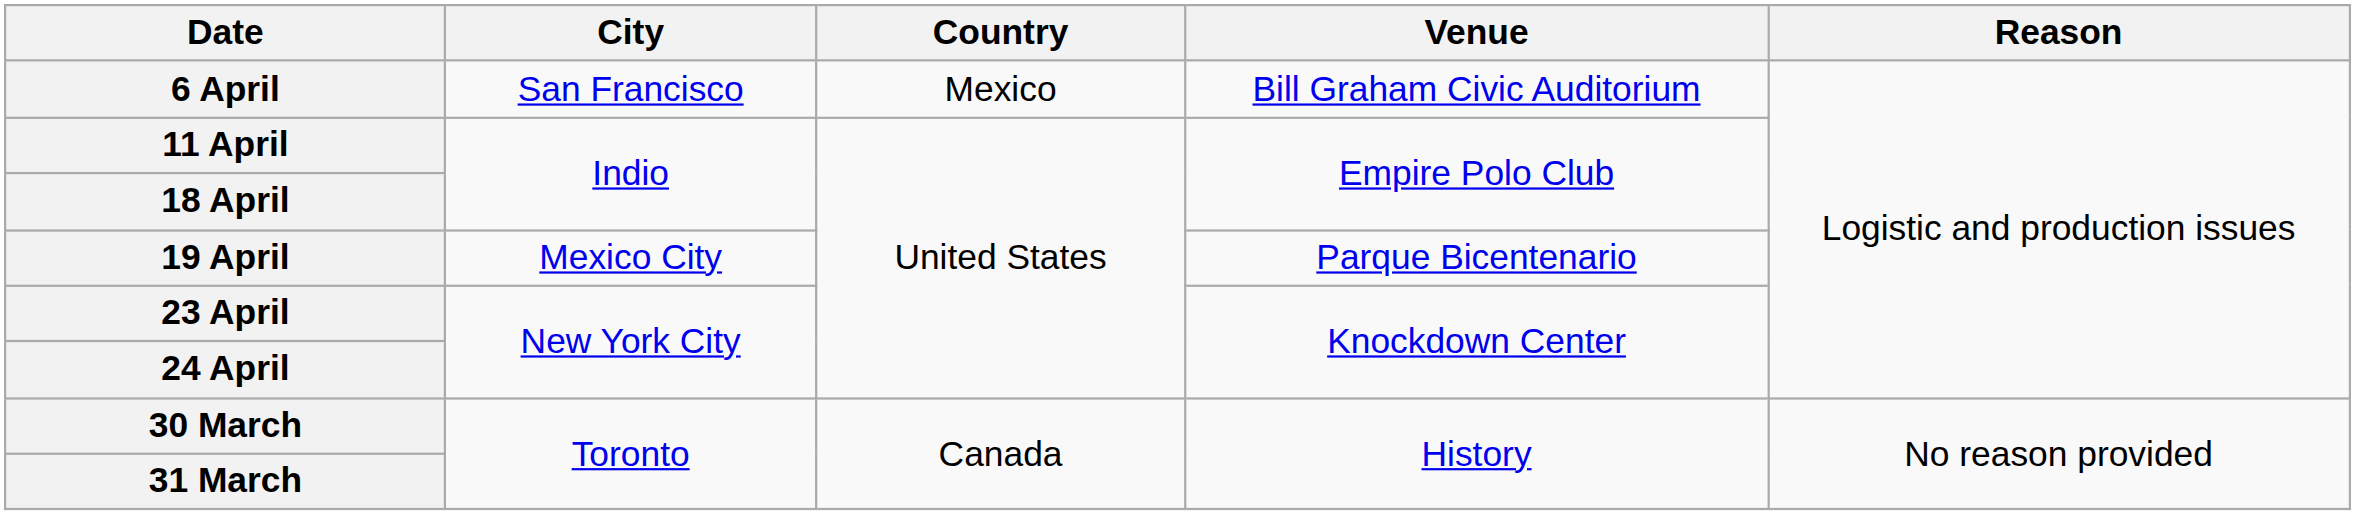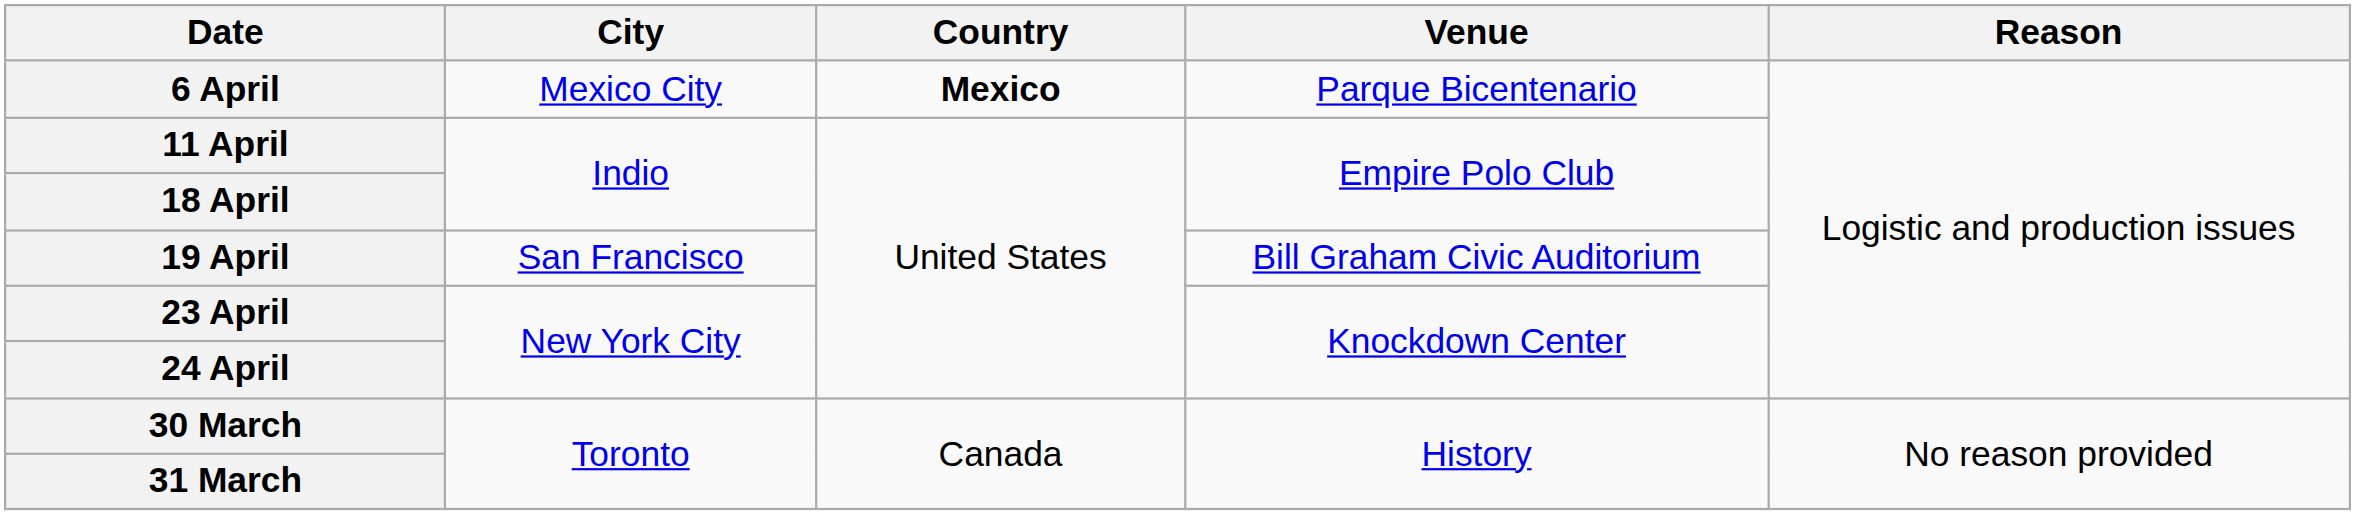 <table class="wikitable plainrowheaders" style="text-align:center;">
 <tr>
 <th scope="col" style="width:12em;">Date</th>
 <th scope="col" style="width:10em;">City</th>
 <th scope="col" style="width:10em;">Country</th>
 <th scope="col" style="width:16em;">Venue</th>
 <th scope="col" style="width:16em;">Reason</th>
 </tr>
 <tr>
 <th scope="row" style="text-align:center;">6 April</th>
-<td><a href='#'>San Francisco</a></td>
-<td>Mexico</td>
-<td><a href='#'>Bill Graham Civic Auditorium</a></td>
+<td><a href='#'>Mexico City</a></td>
+<td><strong>Mexico</strong></td>
+<td><a href='#'>Parque Bicentenario</a></td>
 <td rowspan="6">Logistic and production issues</td>
 </tr>
 <tr>
 <th scope="row" style="text-align:center;">11 April</th>
 <td rowspan="2"><a href='#'> Indio</a></td>
 <td rowspan="5">United States</td>
 <td rowspan="2"><a href='#'>Empire Polo Club</a></td>
 </tr>
 <tr>
 <th scope="row" style="text-align:center;">18 April</th>
 </tr>
 <tr>
 <th>19 April</th>
-<td><a href='#'>Mexico City</a></td>
-<td><a href='#'>Parque Bicentenario</a></td>
+<td><a href='#'>San Francisco</a></td>
+<td><a href='#'>Bill Graham Civic Auditorium</a></td>
 </tr>
 <tr>
 <th>23 April</th>
 <td rowspan="2"><a href='#'>New York City</a></td>
 <td rowspan="2"><a href='#'>Knockdown Center</a></td>
 </tr>
 <tr>
 <th>24 April</th>
 </tr>
 <tr>
 <th>30 March</th>
 <td rowspan="2"><a href='#'>Toronto</a></td>
 <td rowspan="2">Canada</td>
 <td rowspan="2"><a href='#'>History</a></td>
 <td rowspan="2">No reason provided</td>
 </tr>
 <tr>
 <th>31 March</th>
 </tr>
 </table>
